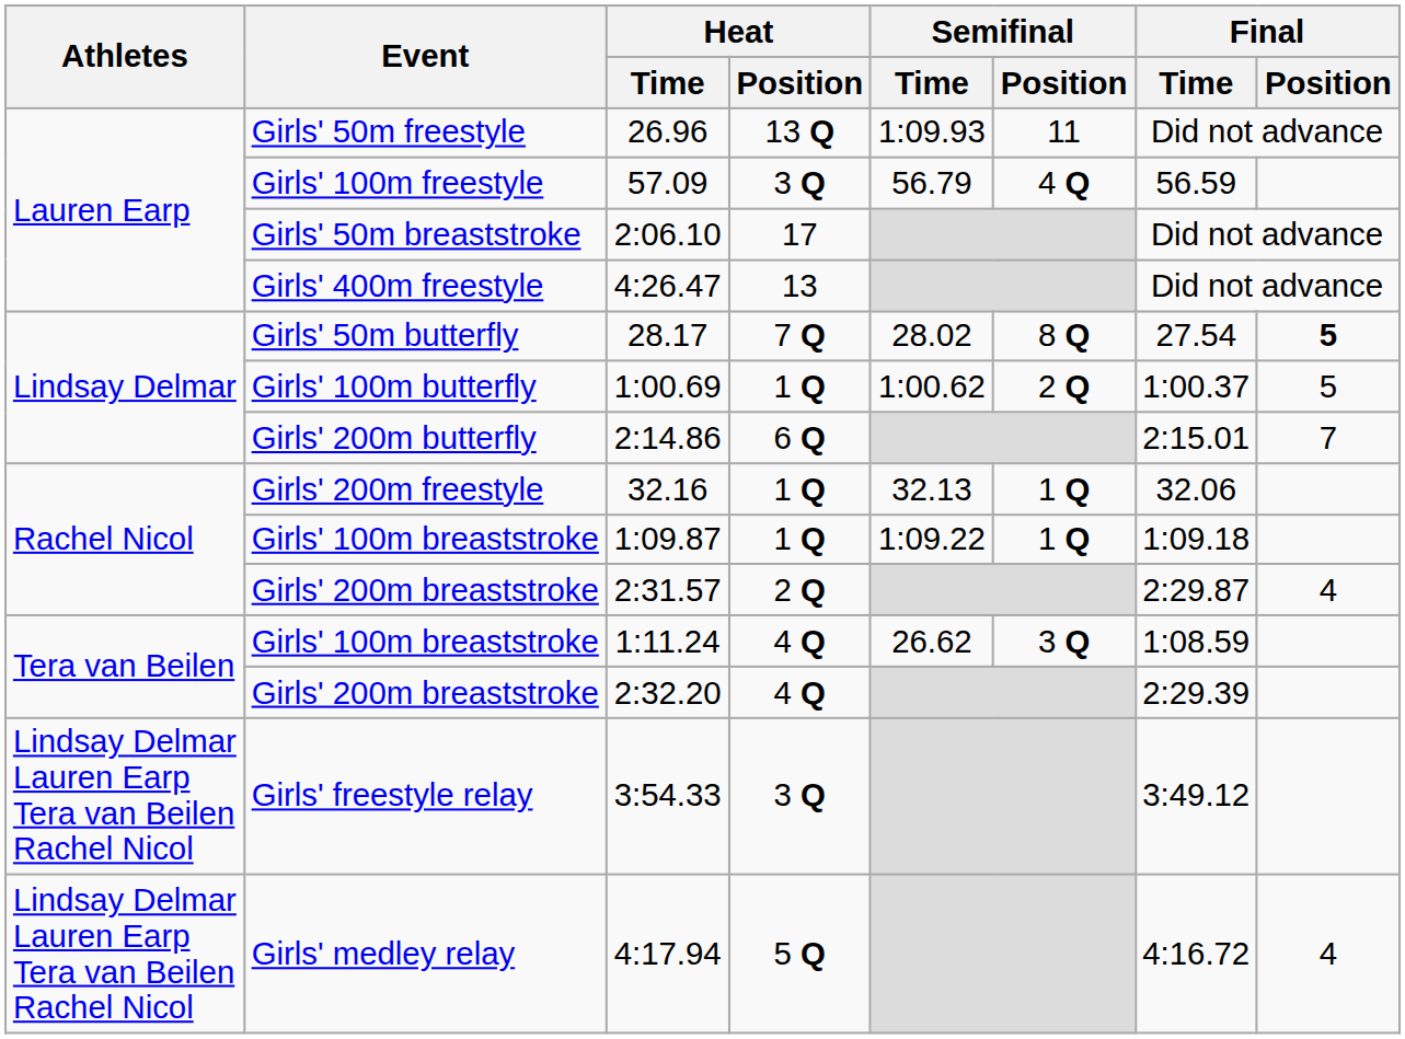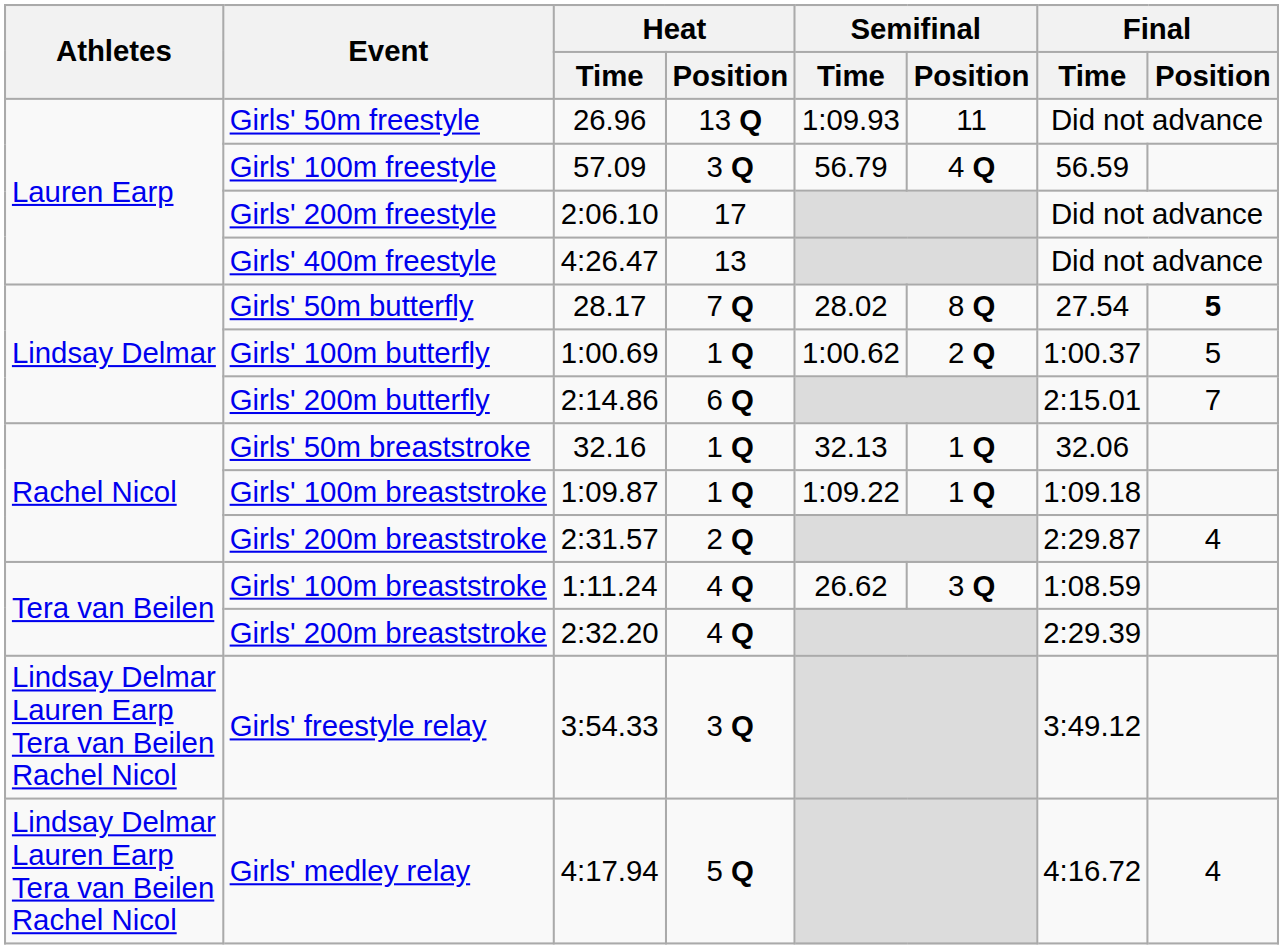 <table class="wikitable" border="1" style="font-size:90%">
 <tr>
 <th rowspan=2>Athletes</th>
 <th rowspan=2>Event</th>
 <th colspan=2>Heat</th>
 <th colspan=2>Semifinal</th>
 <th colspan=2>Final</th>
 </tr>
 <tr>
 <th>Time</th>
 <th>Position</th>
 <th>Time</th>
 <th>Position</th>
 <th>Time</th>
 <th>Position</th>
 </tr>
 <tr>
 <td rowspan=4><a href='#'>Lauren Earp</a></td>
 <td><a href='#'>Girls' 50m freestyle</a></td>
 <td align=center>26.96</td>
 <td align=center>13 <strong>Q</strong></td>
 <td align=center>1:09.93</td>
 <td align=center>11</td>
 <td colspan="2" align=center>Did not advance</td>
 </tr>
 <tr>
 <td><a href='#'>Girls' 100m freestyle</a></td>
 <td align=center>57.09</td>
 <td align=center>3 <strong>Q</strong></td>
 <td align=center>56.79</td>
 <td align=center>4 <strong>Q</strong></td>
 <td align=center>56.59</td>
 <td align=center></td>
 </tr>
 <tr>
-<td><a href='#'>Girls' 50m breaststroke</a></td>
+<td><a href='#'>Girls' 200m freestyle</a></td>
 <td align=center>2:06.10</td>
 <td align=center>17</td>
 <td colspan=2 bgcolor=#DCDCDC></td>
 <td colspan="2" align=center>Did not advance</td>
 </tr>
 <tr>
 <td><a href='#'>Girls' 400m freestyle</a></td>
 <td align=center>4:26.47</td>
 <td align=center>13</td>
 <td colspan=2 bgcolor=#DCDCDC></td>
 <td colspan="2" align=center>Did not advance</td>
 </tr>
 <tr>
 <td rowspan=3><a href='#'>Lindsay Delmar</a></td>
 <td><a href='#'>Girls' 50m butterfly</a></td>
 <td align=center>28.17</td>
 <td align=center>7 <strong>Q</strong></td>
 <td align=center>28.02</td>
 <td align=center>8 <strong>Q</strong></td>
 <td align=center>27.54</td>
 <td align=center><strong>5</strong></td>
 </tr>
 <tr>
 <td><a href='#'>Girls' 100m butterfly</a></td>
 <td align=center>1:00.69</td>
 <td align=center>1 <strong>Q</strong></td>
 <td align=center>1:00.62</td>
 <td align=center>2 <strong>Q</strong></td>
 <td align=center>1:00.37</td>
 <td align=center>5</td>
 </tr>
 <tr>
 <td><a href='#'>Girls' 200m butterfly</a></td>
 <td align=center>2:14.86</td>
 <td align=center>6 <strong>Q</strong></td>
 <td colspan=2 bgcolor=#DCDCDC></td>
 <td align=center>2:15.01</td>
 <td align=center>7</td>
 </tr>
 <tr>
 <td rowspan=3><a href='#'>Rachel Nicol</a></td>
-<td><a href='#'>Girls' 200m freestyle</a></td>
+<td><a href='#'>Girls' 50m breaststroke</a></td>
 <td align=center>32.16</td>
 <td align=center>1 <strong>Q</strong></td>
 <td align=center>32.13</td>
 <td align=center>1 <strong>Q</strong></td>
 <td align=center>32.06</td>
 <td align=center></td>
 </tr>
 <tr>
 <td><a href='#'>Girls' 100m breaststroke</a></td>
 <td align=center>1:09.87</td>
 <td align=center>1 <strong>Q</strong></td>
 <td align=center>1:09.22</td>
 <td align=center>1 <strong>Q</strong></td>
 <td align=center>1:09.18</td>
 <td align=center></td>
 </tr>
 <tr>
 <td><a href='#'>Girls' 200m breaststroke</a></td>
 <td align=center>2:31.57</td>
 <td align=center>2 <strong>Q</strong></td>
 <td colspan=2 bgcolor=#DCDCDC></td>
 <td align=center>2:29.87</td>
 <td align=center>4</td>
 </tr>
 <tr>
 <td rowspan=2><a href='#'>Tera van Beilen</a></td>
 <td><a href='#'>Girls' 100m breaststroke</a></td>
 <td align=center>1:11.24</td>
 <td align=center>4 <strong>Q</strong></td>
 <td align=center>26.62</td>
 <td align=center>3 <strong>Q</strong></td>
 <td align=center>1:08.59</td>
 <td align=center></td>
 </tr>
 <tr>
 <td><a href='#'>Girls' 200m breaststroke</a></td>
 <td align=center>2:32.20</td>
 <td align=center>4 <strong>Q</strong></td>
 <td colspan=2 bgcolor=#DCDCDC></td>
 <td align=center>2:29.39</td>
 <td align=center></td>
 </tr>
 <tr>
 <td><a href='#'>Lindsay Delmar</a><br><a href='#'>Lauren Earp</a><br><a href='#'>Tera van Beilen</a><br><a href='#'>Rachel Nicol</a></td>
 <td><a href='#'>Girls'  freestyle relay</a></td>
 <td align=center>3:54.33</td>
 <td align=center>3 <strong>Q</strong></td>
 <td colspan=2 bgcolor=#DCDCDC></td>
 <td align=center>3:49.12</td>
 <td align=center></td>
 </tr>
 <tr>
 <td><a href='#'>Lindsay Delmar</a><br><a href='#'>Lauren Earp</a><br><a href='#'>Tera van Beilen</a><br><a href='#'>Rachel Nicol</a></td>
 <td><a href='#'>Girls'  medley relay</a></td>
 <td align=center>4:17.94</td>
 <td align=center>5 <strong>Q</strong></td>
 <td colspan=2 bgcolor=#DCDCDC></td>
 <td align=center>4:16.72</td>
 <td align=center>4</td>
 </tr>
 </table>
